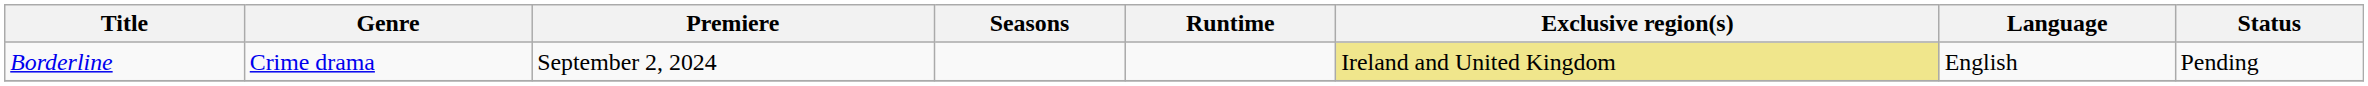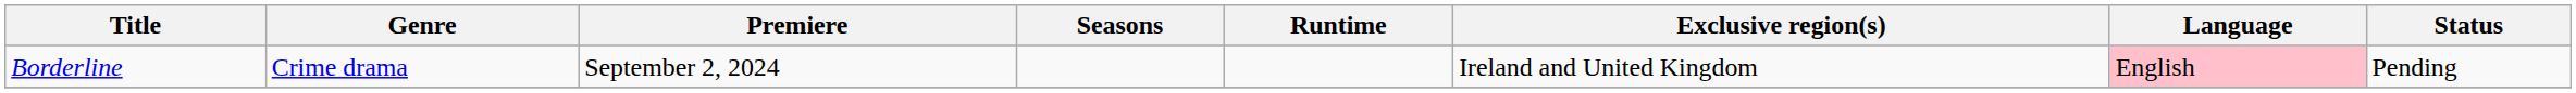 <table class="wikitable sortable" style="width:100%;">
 <tr>
 <th>Title</th>
 <th>Genre</th>
 <th>Premiere</th>
 <th>Seasons</th>
 <th>Runtime</th>
 <th>Exclusive region(s)</th>
 <th>Language</th>
 <th>Status</th>
 </tr>
 <tr>
 <td><em><a href='#'>Borderline</a></em></td>
 <td><a href='#'>Crime drama</a></td>
 <td>September 2, 2024</td>
 <td></td>
 <td></td>
-<td style="background: khaki;">Ireland and United Kingdom</td>
-<td>English</td>
+<td>Ireland and United Kingdom</td>
+<td style="background: pink;">English</td>
 <td>Pending</td>
 </tr>
 <tr>
 </tr>
 </table>
